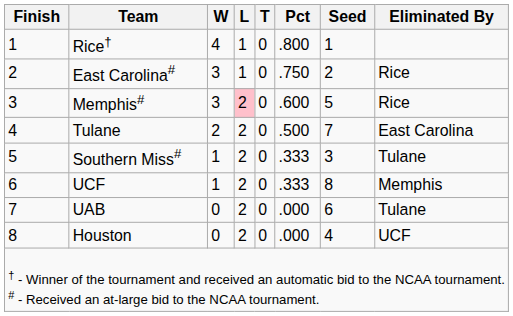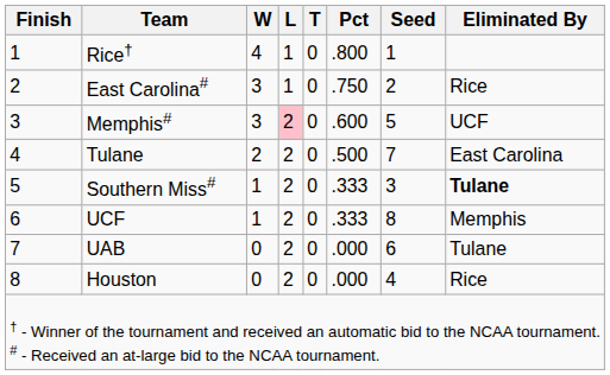 <table class="wikitable sortable">
 <tr>
 <th>Finish</th>
 <th>Team</th>
 <th>W</th>
 <th>L</th>
 <th>T</th>
 <th>Pct</th>
 <th>Seed</th>
 <th>Eliminated By</th>
 </tr>
 <tr>
 <td>1</td>
 <td>Rice<sup>†</sup></td>
 <td>4</td>
 <td>1</td>
 <td>0</td>
 <td>.800</td>
 <td>1</td>
 <td></td>
 </tr>
 <tr>
 <td>2</td>
 <td>East Carolina<sup>#</sup></td>
 <td>3</td>
 <td>1</td>
 <td>0</td>
 <td>.750</td>
 <td>2</td>
 <td>Rice</td>
 </tr>
 <tr>
 <td>3</td>
 <td>Memphis<sup>#</sup></td>
 <td>3</td>
 <td style="background: pink;">2</td>
 <td>0</td>
 <td>.600</td>
 <td>5</td>
-<td>Rice</td>
+<td>UCF</td>
 </tr>
 <tr>
 <td>4</td>
 <td>Tulane</td>
 <td>2</td>
 <td>2</td>
 <td>0</td>
 <td>.500</td>
 <td>7</td>
 <td>East Carolina</td>
 </tr>
 <tr>
 <td>5</td>
 <td>Southern Miss<sup>#</sup></td>
 <td>1</td>
 <td>2</td>
 <td>0</td>
 <td>.333</td>
 <td>3</td>
-<td>Tulane</td>
+<td><strong>Tulane</strong></td>
 </tr>
 <tr>
 <td>6</td>
 <td>UCF</td>
 <td>1</td>
 <td>2</td>
 <td>0</td>
 <td>.333</td>
 <td>8</td>
 <td>Memphis</td>
 </tr>
 <tr>
 <td>7</td>
 <td>UAB</td>
 <td>0</td>
 <td>2</td>
 <td>0</td>
 <td>.000</td>
 <td>6</td>
 <td>Tulane</td>
 </tr>
 <tr>
 <td>8</td>
 <td>Houston</td>
 <td>0</td>
 <td>2</td>
 <td>0</td>
 <td>.000</td>
 <td>4</td>
-<td>UCF</td>
+<td>Rice</td>
 </tr>
 <tr>
 <td colspan=8><br><small><sup>†</sup> - Winner of the tournament and received an automatic bid to the NCAA tournament.<br> <sup>#</sup> - Received an at-large bid to the NCAA tournament.</small></td>
 </tr>
 </table>
